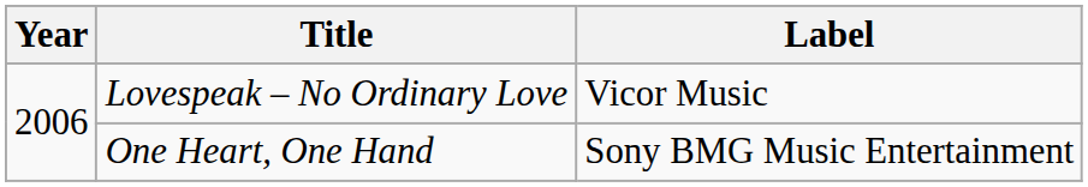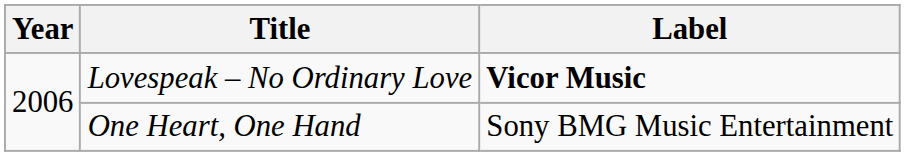 <table class="wikitable">
 <tr>
 <th>Year</th>
 <th>Title</th>
 <th>Label</th>
 </tr>
 <tr>
 <td rowspan="2">2006</td>
 <td><em>Lovespeak – No Ordinary Love</em> </td>
-<td>Vicor Music</td>
+<td><strong>Vicor Music</strong></td>
 </tr>
 <tr>
 <td><em>One Heart, One Hand</em></td>
 <td>Sony BMG Music Entertainment</td>
 </tr>
 </table>
